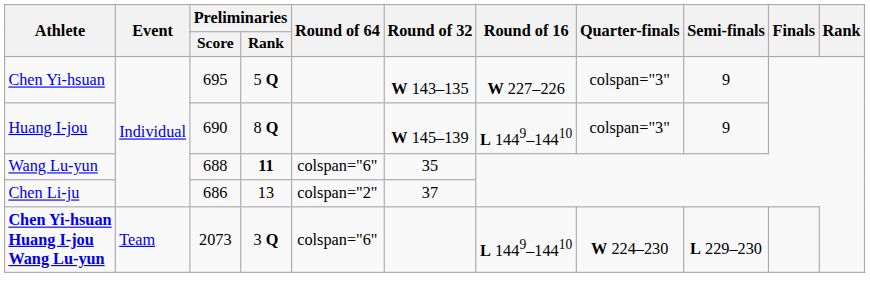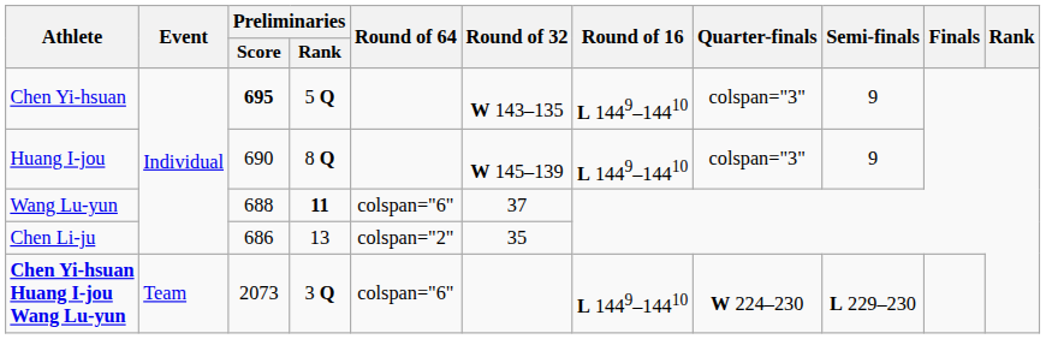 <table class="wikitable" style="font-size:90%; text-align:center">
 <tr>
 <th rowspan="2">Athlete</th>
 <th rowspan="2">Event</th>
 <th colspan="2">Preliminaries</th>
 <th rowspan="2">Round of 64</th>
 <th rowspan="2">Round of 32</th>
 <th rowspan="2">Round of 16</th>
 <th rowspan="2">Quarter-finals</th>
 <th rowspan="2">Semi-finals</th>
 <th rowspan="2">Finals</th>
 <th rowspan="2">Rank</th>
 </tr>
 <tr style="font-size:95%">
 <th>Score</th>
 <th>Rank</th>
 </tr>
 <tr>
 <td align="left"><a href='#'>Chen Yi-hsuan</a></td>
 <td align="left" rowspan="4"><a href='#'>Individual</a></td>
-<td>695</td>
+<td><strong>695</strong></td>
 <td>5 <strong>Q</strong></td>
 <td></td>
 <td><br><strong>W</strong> 143–135</td>
-<td><br><strong>W</strong> 227–226</td>
+<td><br><strong>L</strong> 144<sup>9</sup>–144<sup>10</sup></td>
 <td>colspan="3" </td>
 <td>9</td>
 </tr>
 <tr>
 <td align="left"><a href='#'>Huang I-jou</a></td>
 <td>690</td>
 <td>8 <strong>Q</strong></td>
 <td></td>
 <td><br><strong>W</strong> 145–139</td>
 <td><br><strong>L</strong> 144<sup>9</sup>–144<sup>10</sup></td>
 <td>colspan="3" </td>
 <td>9</td>
 </tr>
 <tr>
 <td align="left"><a href='#'>Wang Lu-yun</a></td>
 <td>688</td>
 <td><strong>11</strong></td>
 <td>colspan="6" </td>
-<td>35</td>
+<td>37</td>
 </tr>
 <tr>
 <td align="left"><a href='#'>Chen Li-ju</a></td>
 <td>686</td>
 <td>13</td>
 <td>colspan="2" </td>
-<td>37</td>
+<td>35</td>
 </tr>
 <tr>
 <td align="left"><strong><a href='#'>Chen Yi-hsuan</a><br><a href='#'>Huang I-jou</a><br><a href='#'>Wang Lu-yun</a></strong></td>
 <td align="left"><a href='#'>Team</a></td>
 <td>2073</td>
 <td>3 <strong>Q</strong></td>
 <td>colspan="6" </td>
 <td></td>
 <td><br><strong>L</strong> 144<sup>9</sup>–144<sup>10</sup></td>
 <td><br><strong>W</strong> 224–230</td>
 <td><br><strong>L</strong> 229–230</td>
 <td></td>
 </tr>
 </table>
